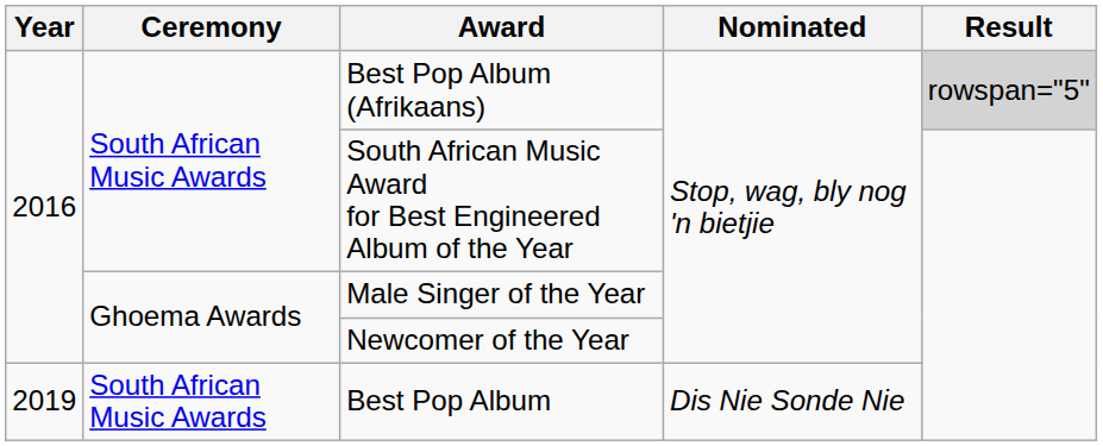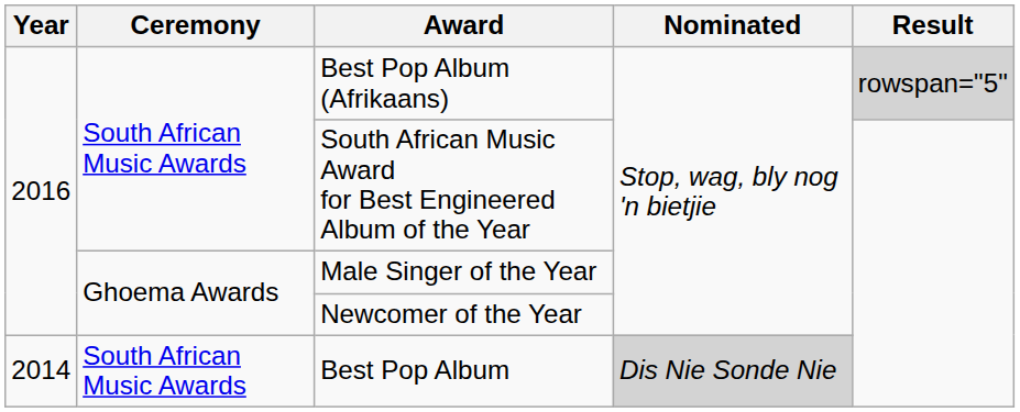 <table class="wikitable plainrowheaders">
 <tr>
 <th>Year</th>
 <th>Ceremony</th>
 <th>Award</th>
 <th>Nominated</th>
 <th>Result</th>
 </tr>
 <tr>
 <td rowspan="4">2016</td>
 <td rowspan="2"><a href='#'>South African Music Awards</a></td>
 <td>Best Pop Album (Afrikaans)</td>
 <td rowspan="4"><em>Stop, wag, bly nog 'n bietjie</em></td>
 <td style="background: lightgrey;">rowspan="5" </td>
 </tr>
 <tr>
 <td>South African Music Award <br>for Best Engineered Album of the Year</td>
 </tr>
 <tr>
 <td rowspan="2">Ghoema Awards</td>
 <td>Male Singer of the Year</td>
 </tr>
 <tr>
 <td>Newcomer of the Year</td>
 </tr>
 <tr>
-<td rowspan="1">2019</td>
+<td rowspan="1">2014</td>
 <td rowspan="2"><a href='#'>South African Music Awards</a></td>
 <td>Best Pop Album</td>
-<td><em>Dis Nie Sonde Nie</em> </td>
+<td style="background: lightgrey;"><em>Dis Nie Sonde Nie</em> </td>
 </tr>
 </table>
